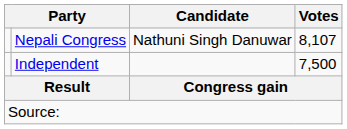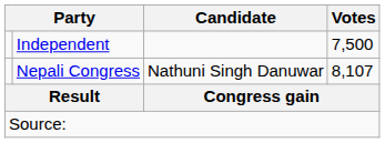 <table class="wikitable">
 <tr>
 <th colspan="2">Party</th>
 <th>Candidate</th>
 <th>Votes</th>
 </tr>
 <tr>
 <td style="background-color:"></td>
+<td><a href='#'>Independent</a></td>
+<td></td>
+<td>7,500</td>
+</tr>
+<tr>
+<td style="background-color:"></td>
 <td><a href='#'>Nepali Congress</a></td>
 <td>Nathuni Singh Danuwar</td>
 <td>8,107</td>
-</tr>
-<tr>
-<td style="background-color:"></td>
-<td><a href='#'>Independent</a></td>
-<td></td>
-<td>7,500</td>
 </tr>
 <tr>
 <th colspan="2">Result</th>
 <th colspan="2">Congress gain</th>
 </tr>
 <tr>
 <td colspan="4">Source: </td>
 </tr>
 </table>
